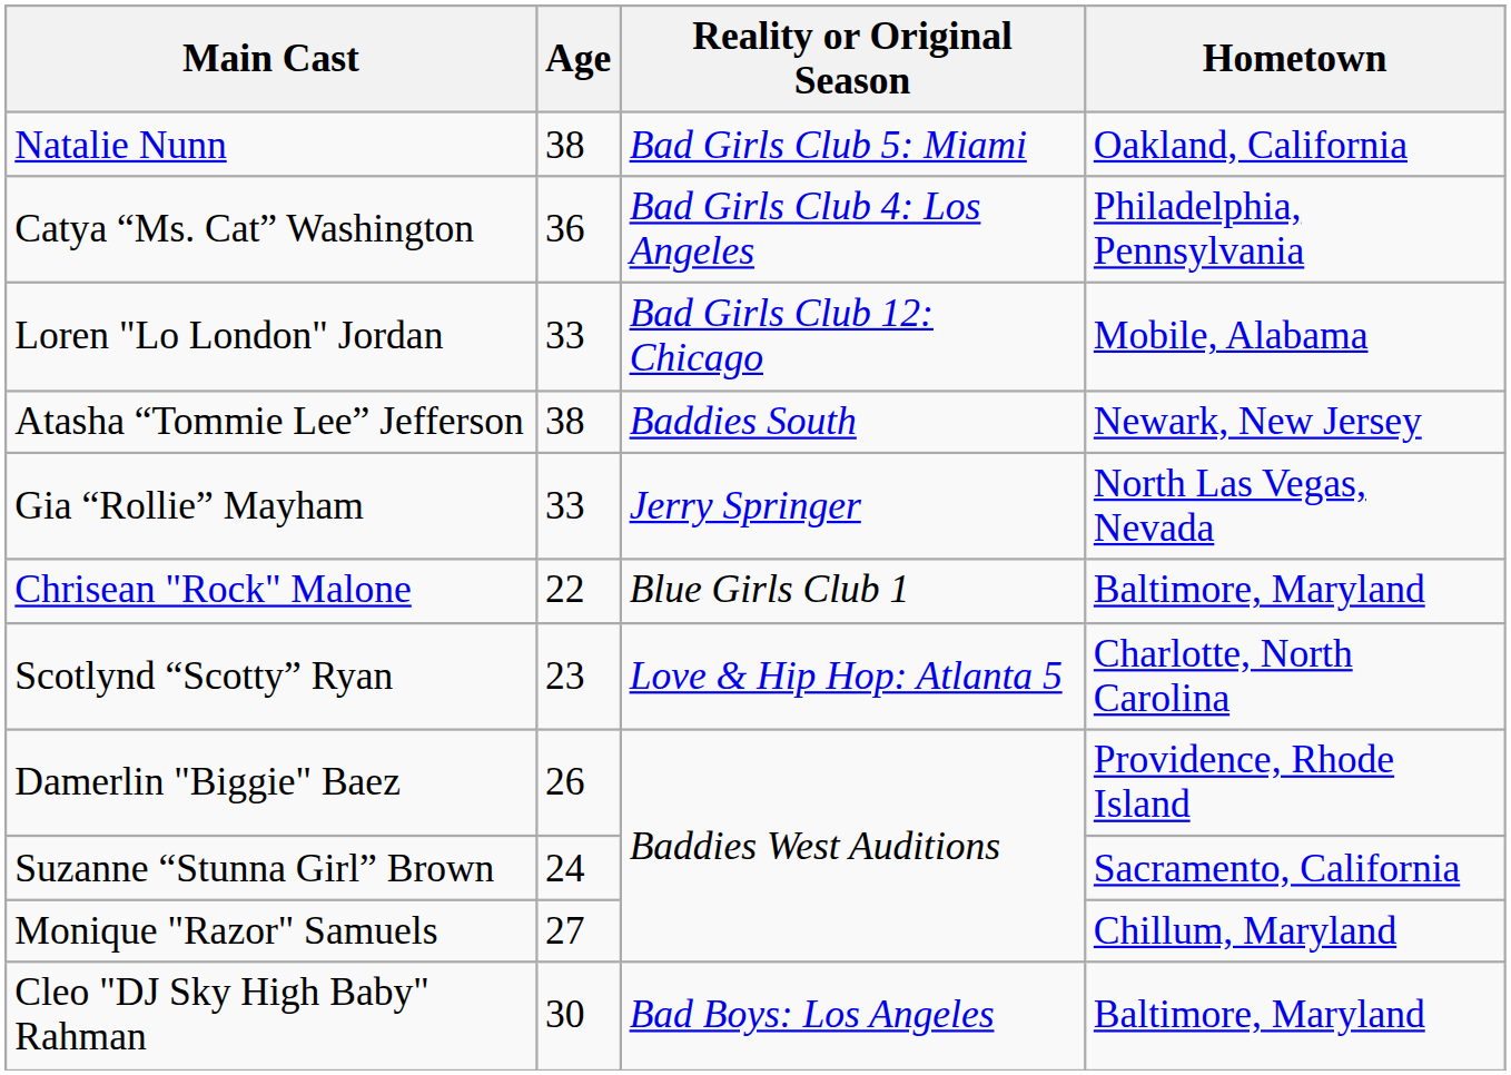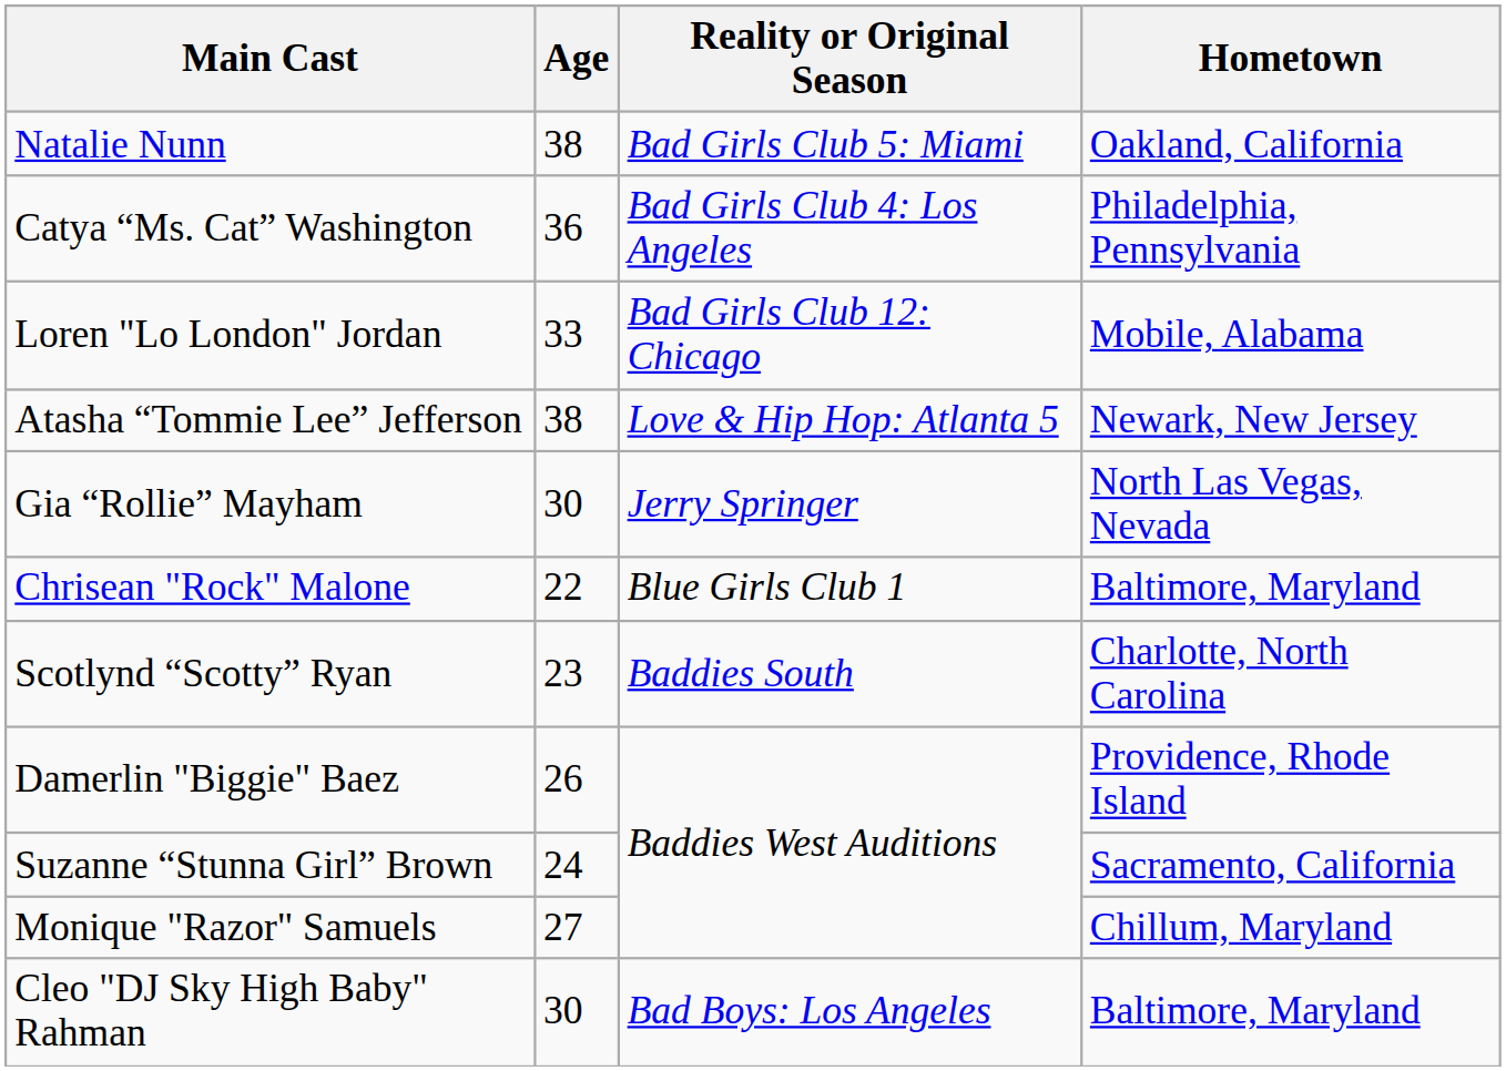 <table class="wikitable">
 <tr>
 <th>Main Cast</th>
 <th Age! scope="col">Age</th>
 <th>Reality or Original Season</th>
 <th>Hometown</th>
 </tr>
 <tr>
 <td><a href='#'>Natalie  Nunn</a></td>
 <td>38</td>
 <td><em><a href='#'>Bad Girls Club 5: Miami</a></em></td>
 <td><a href='#'>Oakland, California</a></td>
 </tr>
 <tr>
 <td>Catya “Ms. Cat” Washington</td>
 <td>36</td>
 <td><em><a href='#'>Bad Girls Club 4: Los Angeles</a></em></td>
 <td><a href='#'>Philadelphia, Pennsylvania</a></td>
 </tr>
 <tr>
 <td>Loren "Lo London" Jordan</td>
 <td>33</td>
 <td><em><a href='#'>Bad Girls Club 12: Chicago</a></em></td>
 <td><a href='#'>Mobile, Alabama</a></td>
 </tr>
 <tr>
 <td>Atasha “Tommie Lee” Jefferson</td>
 <td>38</td>
-<td><em><a href='#'>Baddies South</a></em></td>
+<td><em><a href='#'>Love & Hip Hop: Atlanta 5</a></em></td>
 <td><a href='#'>Newark, New Jersey</a></td>
 </tr>
 <tr>
 <td>Gia “Rollie” Mayham</td>
-<td>33</td>
+<td>30</td>
 <td><em><a href='#'>Jerry Springer</a></em></td>
 <td><a href='#'>North Las Vegas, Nevada</a></td>
 </tr>
 <tr>
 <td><a href='#'>Chrisean "Rock" Malone</a></td>
 <td>22</td>
 <td><em>Blue Girls Club 1</em></td>
 <td><a href='#'>Baltimore, Maryland</a></td>
 </tr>
 <tr>
 <td>Scotlynd “Scotty” Ryan</td>
 <td>23</td>
-<td><em><a href='#'>Love & Hip Hop: Atlanta 5</a></em></td>
+<td><em><a href='#'>Baddies South</a></em></td>
 <td><a href='#'>Charlotte, North Carolina</a></td>
 </tr>
 <tr>
 <td>Damerlin "Biggie" Baez</td>
 <td>26</td>
 <td rowspan="3"><em>Baddies West Auditions</em></td>
 <td><a href='#'>Providence, Rhode Island</a></td>
 </tr>
 <tr>
 <td>Suzanne “Stunna Girl” Brown</td>
 <td>24</td>
 <td><a href='#'>Sacramento, California</a></td>
 </tr>
 <tr>
 <td>Monique "Razor" Samuels</td>
 <td>27</td>
 <td><a href='#'>Chillum, Maryland</a></td>
 </tr>
 <tr>
 <td>Cleo "DJ Sky High Baby" Rahman</td>
 <td>30</td>
 <td><em><a href='#'>Bad Boys: Los Angeles</a></em></td>
 <td><a href='#'>Baltimore, Maryland</a></td>
 </tr>
 </table>
